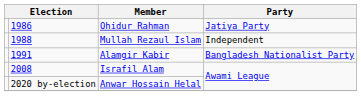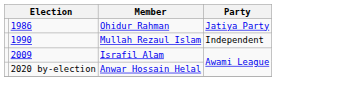 <table class="wikitable">
 <tr>
 <th colspan="2">Election</th>
 <th>Member</th>
 <th>Party</th>
 </tr>
 <tr>
 <td style="background-color:"></td>
 <td><a href='#'>1986</a></td>
 <td><a href='#'>Ohidur Rahman</a></td>
 <td><a href='#'>Jatiya Party</a></td>
 </tr>
 <tr>
 <td style="background-color:"></td>
-<td><a href='#'>1988</a></td>
+<td><a href='#'>1990</a></td>
 <td><a href='#'>Mullah Rezaul Islam</a></td>
 <td>Independent</td>
 </tr>
 <tr>
 <td style="background-color:"></td>
-<td><a href='#'>1991</a></td>
-<td><a href='#'>Alamgir Kabir</a></td>
-<td><a href='#'>Bangladesh Nationalist Party</a></td>
-</tr>
-<tr>
-<td style="background-color:"></td>
-<td><a href='#'>2008</a></td>
+<td><a href='#'>2009</a></td>
 <td><a href='#'>Israfil Alam</a></td>
 <td rowspan="2"><a href='#'>Awami League</a></td>
 </tr>
 <tr>
 <td style="background-color:"></td>
 <td>2020 by-election</td>
 <td><a href='#'>Anwar Hossain Helal</a></td>
 </tr>
 <tr>
 </tr>
 </table>
